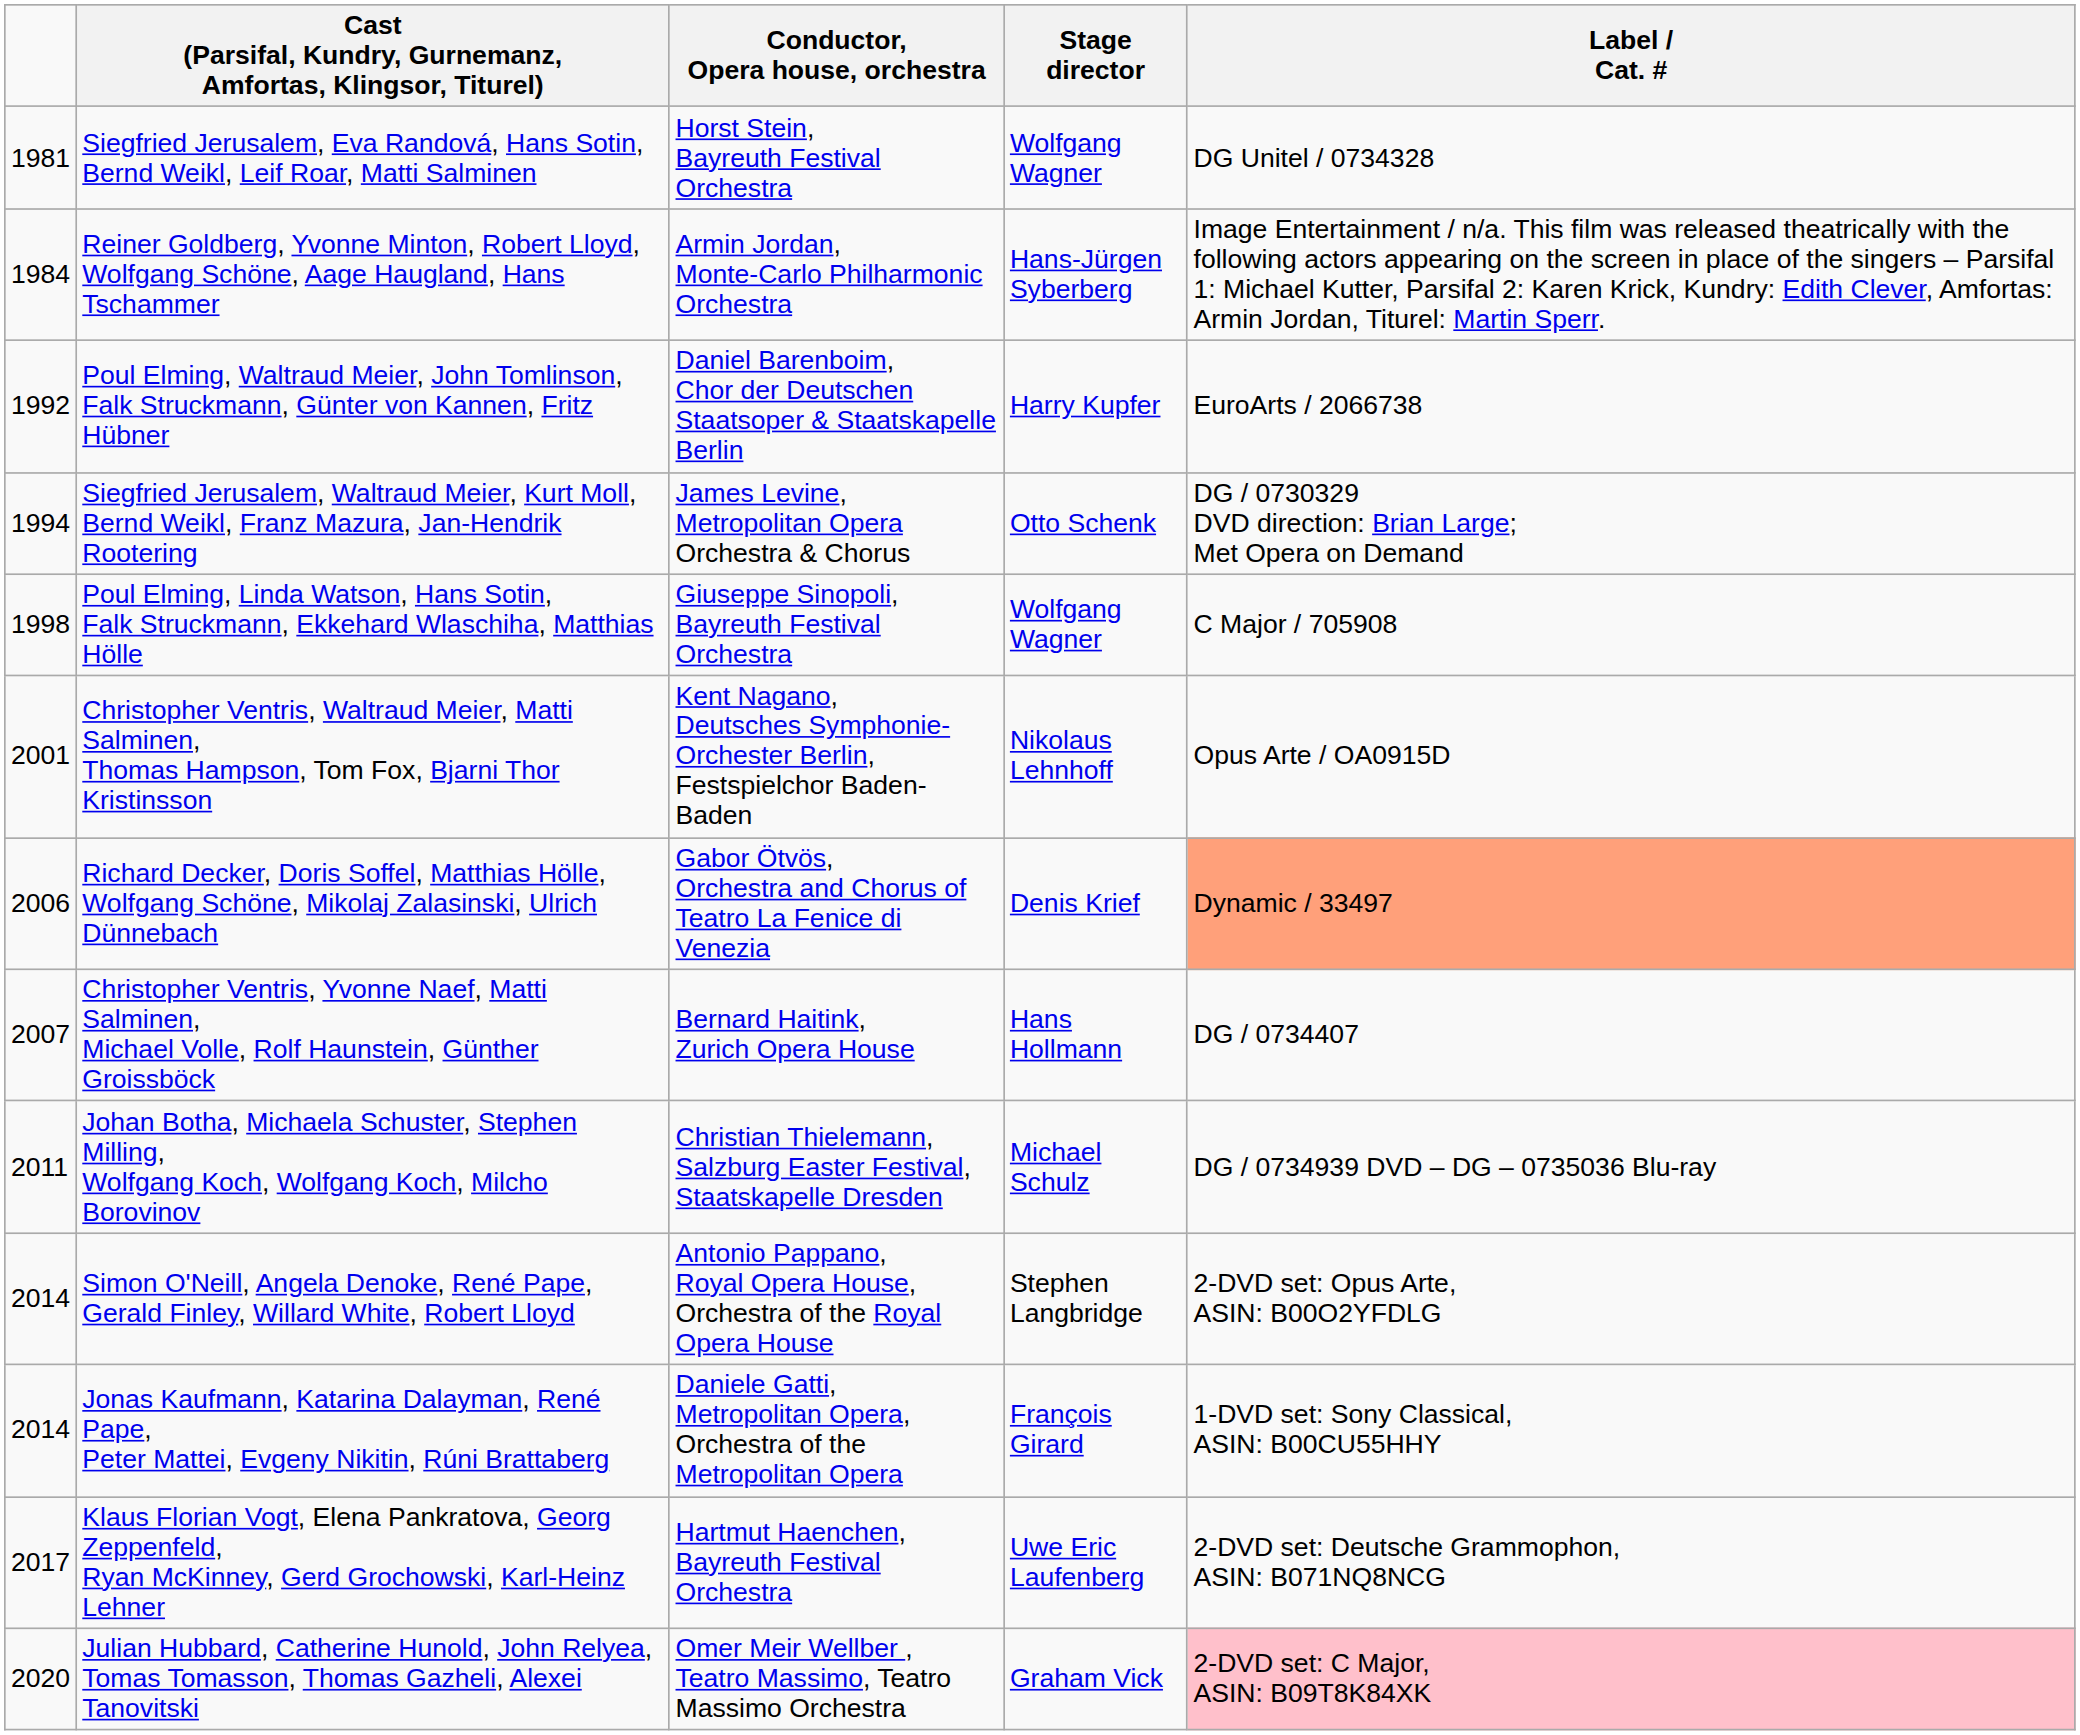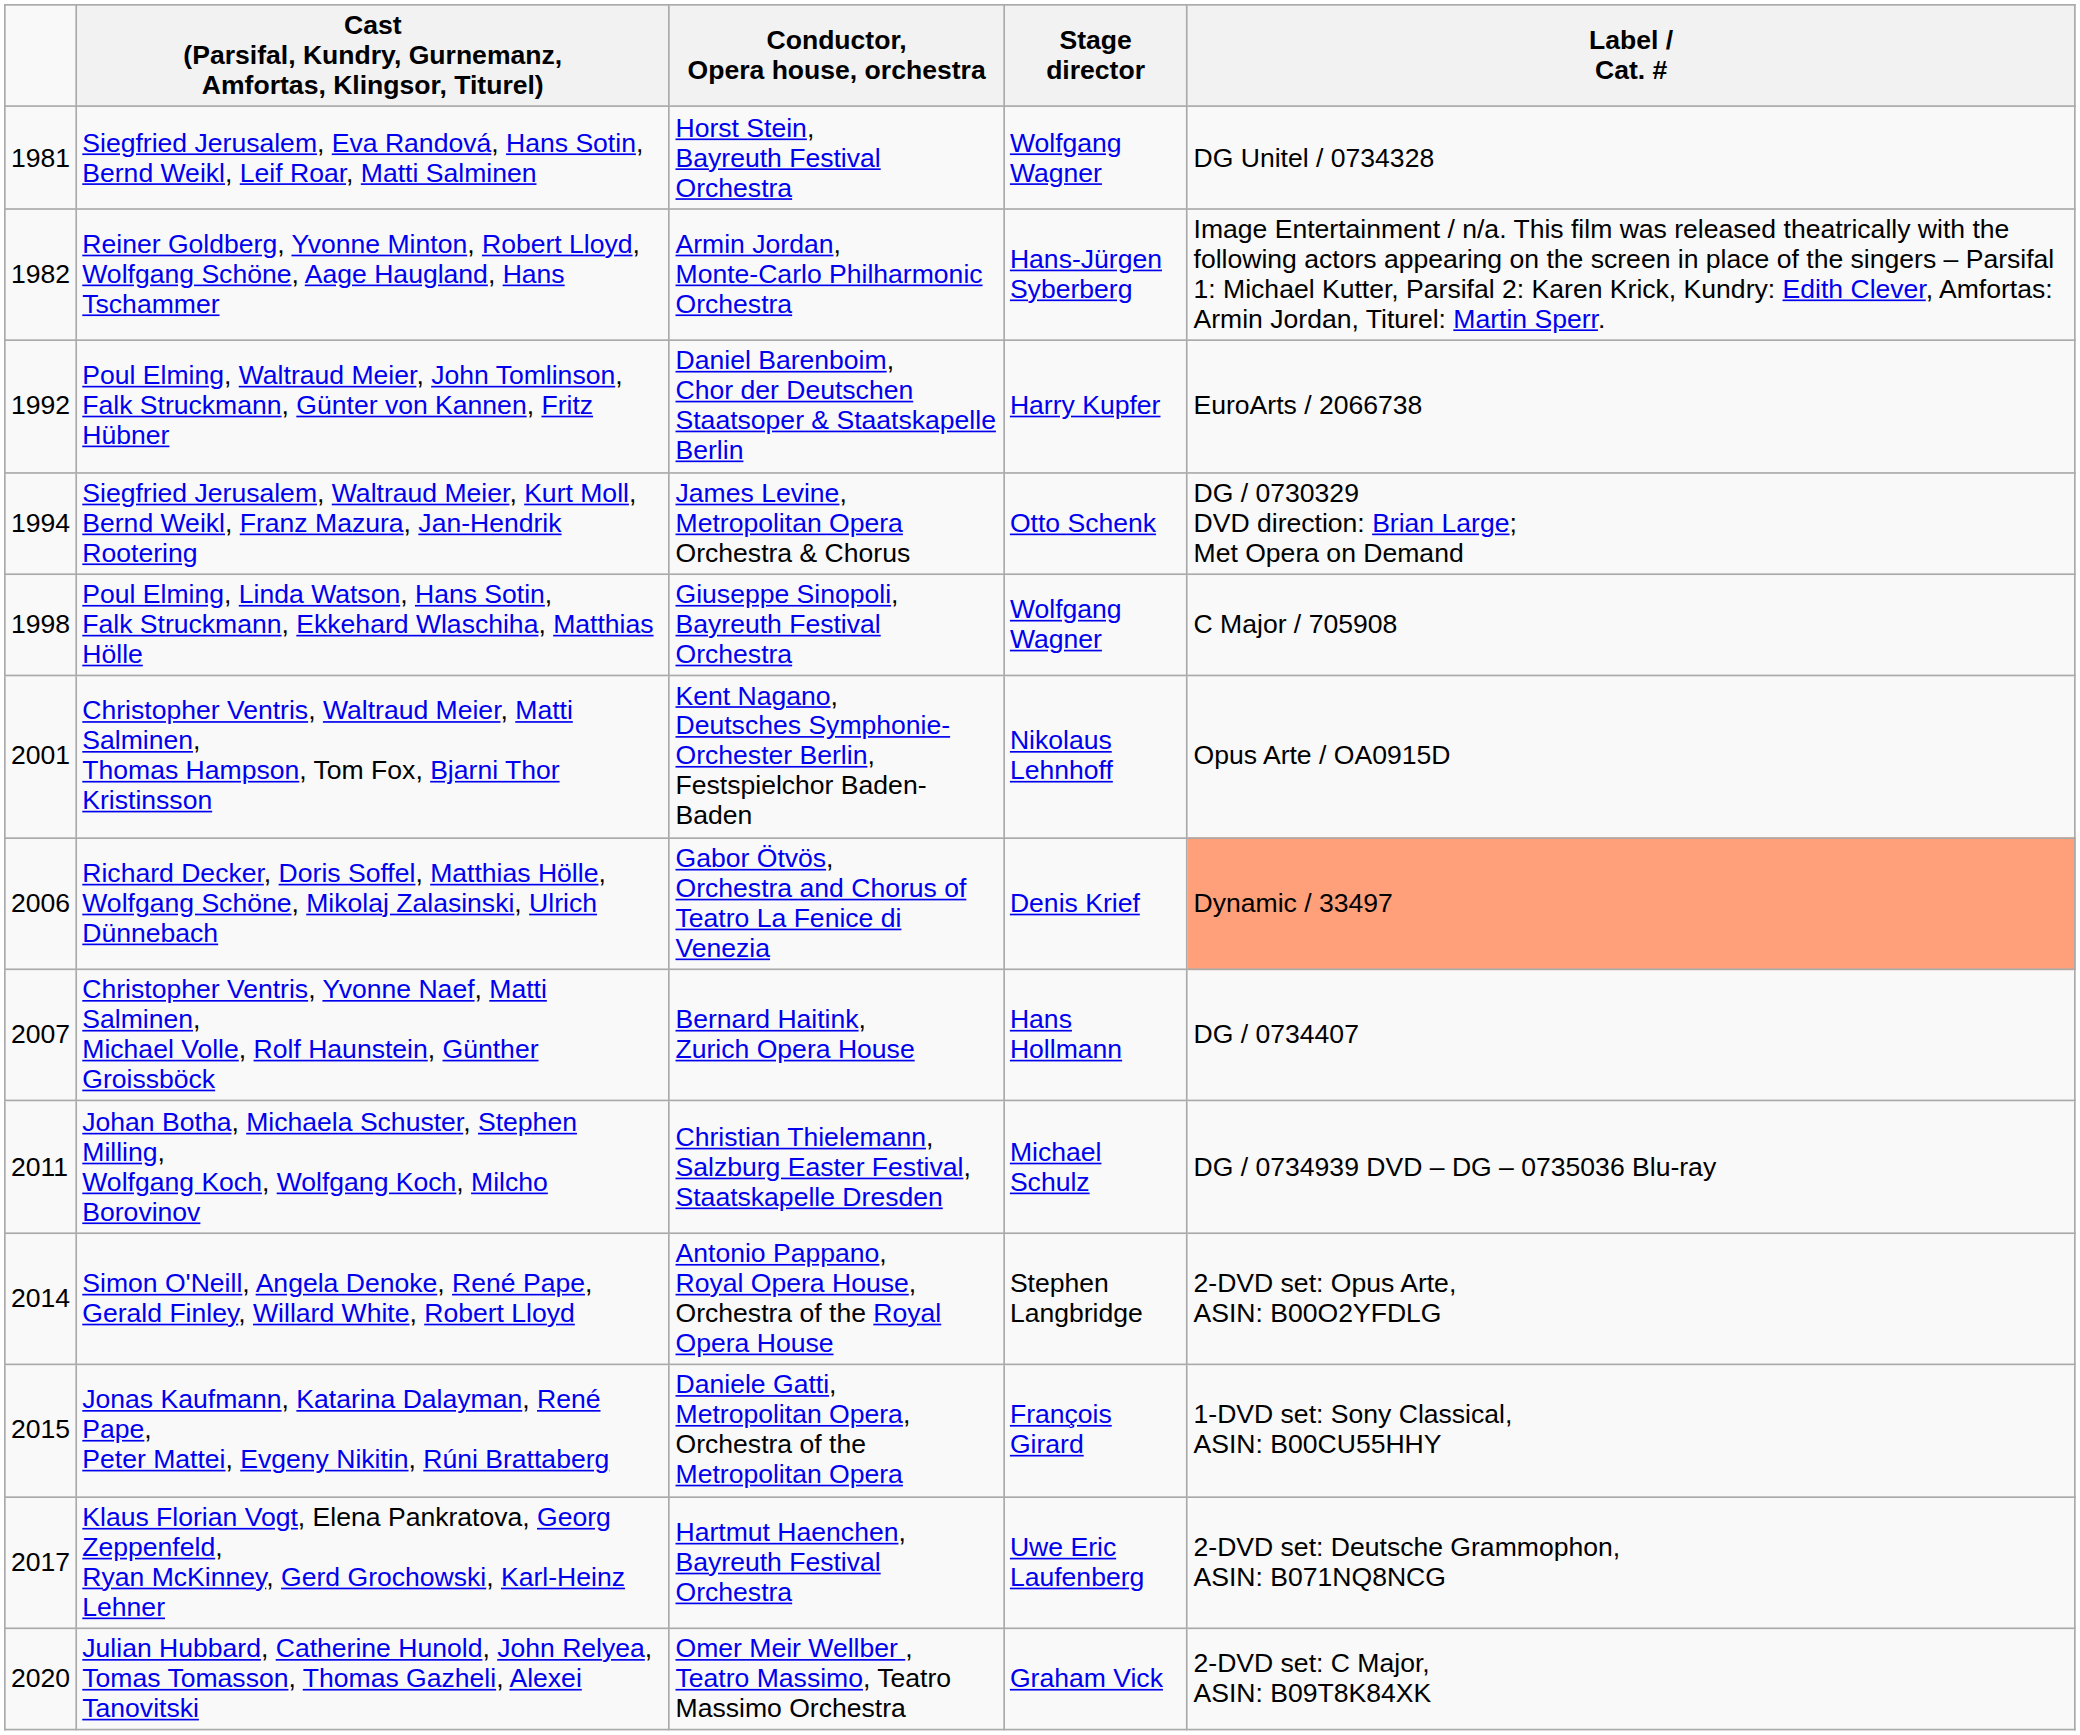 <table class="wikitable">
 <tr>
 <td></td>
 <th width="350px">Cast<br>(Parsifal, Kundry, Gurnemanz,<br>Amfortas, Klingsor, Titurel)</th>
 <th scope="col">Conductor,<br>Opera house, orchestra</th>
 <th scope="col">Stage director</th>
 <th scope="col">Label /<br>Cat. #</th>
 </tr>
 <tr>
 <td scope="row">1981</td>
 <td><a href='#'>Siegfried Jerusalem</a>, <a href='#'>Eva Randová</a>, <a href='#'>Hans Sotin</a>,<br><a href='#'>Bernd Weikl</a>, <a href='#'>Leif Roar</a>, <a href='#'>Matti Salminen</a></td>
 <td><a href='#'>Horst Stein</a>,<br><a href='#'>Bayreuth Festival Orchestra</a></td>
 <td><a href='#'>Wolfgang Wagner</a></td>
 <td>DG Unitel / 0734328</td>
 </tr>
 <tr>
-<td scope="row">1984</td>
+<td scope="row">1982</td>
 <td><a href='#'>Reiner Goldberg</a>, <a href='#'>Yvonne Minton</a>, <a href='#'>Robert Lloyd</a>,<br><a href='#'>Wolfgang Schöne</a>, <a href='#'>Aage Haugland</a>, <a href='#'>Hans Tschammer</a></td>
 <td><a href='#'>Armin Jordan</a>,<br><a href='#'>Monte-Carlo Philharmonic Orchestra</a></td>
 <td><a href='#'>Hans-Jürgen Syberberg</a></td>
 <td>Image Entertainment / n/a. This film was released theatrically with the following actors appearing on the screen in place of the singers – Parsifal 1: Michael Kutter, Parsifal 2: Karen Krick, Kundry: <a href='#'>Edith Clever</a>, Amfortas: Armin Jordan, Titurel: <a href='#'>Martin Sperr</a>.</td>
 </tr>
 <tr>
 <td scope="row">1992</td>
 <td><a href='#'>Poul Elming</a>, <a href='#'>Waltraud Meier</a>, <a href='#'>John Tomlinson</a>,<br><a href='#'>Falk Struckmann</a>, <a href='#'>Günter von Kannen</a>, <a href='#'>Fritz Hübner</a></td>
 <td><a href='#'>Daniel Barenboim</a>,<br><a href='#'>Chor der Deutschen Staatsoper & Staatskapelle Berlin</a></td>
 <td><a href='#'>Harry Kupfer</a></td>
 <td>EuroArts / 2066738</td>
 </tr>
 <tr>
 <td scope="row">1994</td>
 <td><a href='#'>Siegfried Jerusalem</a>, <a href='#'>Waltraud Meier</a>, <a href='#'>Kurt Moll</a>,<br><a href='#'>Bernd Weikl</a>, <a href='#'>Franz Mazura</a>, <a href='#'>Jan-Hendrik Rootering</a></td>
 <td><a href='#'>James Levine</a>,<br><a href='#'>Metropolitan Opera</a> Orchestra & Chorus</td>
 <td><a href='#'>Otto Schenk</a></td>
 <td>DG / 0730329<br>DVD direction: <a href='#'>Brian Large</a>;<br>Met Opera on Demand</td>
 </tr>
 <tr>
 <td scope="row">1998</td>
 <td><a href='#'>Poul Elming</a>, <a href='#'>Linda Watson</a>, <a href='#'>Hans Sotin</a>,<br><a href='#'>Falk Struckmann</a>, <a href='#'>Ekkehard Wlaschiha</a>, <a href='#'>Matthias Hölle</a></td>
 <td><a href='#'>Giuseppe Sinopoli</a>,<br><a href='#'>Bayreuth Festival Orchestra</a></td>
 <td><a href='#'>Wolfgang Wagner</a></td>
 <td>C Major / 705908</td>
 </tr>
 <tr>
 <td scope="row">2001</td>
 <td><a href='#'>Christopher Ventris</a>, <a href='#'>Waltraud Meier</a>, <a href='#'>Matti Salminen</a>,<br><a href='#'>Thomas Hampson</a>, Tom Fox, <a href='#'>Bjarni Thor Kristinsson</a></td>
 <td><a href='#'>Kent Nagano</a>,<br><a href='#'>Deutsches Symphonie-Orchester Berlin</a>, Festspielchor Baden-Baden</td>
 <td><a href='#'>Nikolaus Lehnhoff</a></td>
 <td>Opus Arte / OA0915D</td>
 </tr>
 <tr>
 <td scope="row">2006</td>
 <td><a href='#'>Richard Decker</a>, <a href='#'>Doris Soffel</a>, <a href='#'>Matthias Hölle</a>,<br><a href='#'>Wolfgang Schöne</a>, <a href='#'>Mikolaj Zalasinski</a>, <a href='#'>Ulrich Dünnebach</a></td>
 <td><a href='#'>Gabor Ötvös</a>,<br><a href='#'>Orchestra and Chorus of Teatro La Fenice di Venezia</a></td>
 <td><a href='#'>Denis Krief</a></td>
 <td style="background: lightsalmon;">Dynamic / 33497</td>
 </tr>
 <tr>
 <td scope="row">2007</td>
 <td><a href='#'>Christopher Ventris</a>, <a href='#'>Yvonne Naef</a>, <a href='#'>Matti Salminen</a>,<br><a href='#'>Michael Volle</a>, <a href='#'>Rolf Haunstein</a>, <a href='#'>Günther Groissböck</a></td>
 <td><a href='#'>Bernard Haitink</a>,<br><a href='#'>Zurich Opera House</a></td>
 <td><a href='#'>Hans Hollmann</a></td>
 <td>DG / 0734407</td>
 </tr>
 <tr>
 <td scope="row">2011</td>
 <td><a href='#'>Johan Botha</a>, <a href='#'>Michaela Schuster</a>, <a href='#'>Stephen Milling</a>,<br><a href='#'>Wolfgang Koch</a>, <a href='#'>Wolfgang Koch</a>, <a href='#'>Milcho Borovinov</a></td>
 <td><a href='#'>Christian Thielemann</a>,<br><a href='#'>Salzburg Easter Festival</a>, <a href='#'>Staatskapelle Dresden</a></td>
 <td><a href='#'>Michael Schulz</a></td>
 <td>DG / 0734939 DVD – DG – 0735036 Blu-ray</td>
 </tr>
 <tr>
 <td scope="row">2014</td>
 <td><a href='#'>Simon O'Neill</a>, <a href='#'>Angela Denoke</a>, <a href='#'>René Pape</a>,<br><a href='#'>Gerald Finley</a>, <a href='#'>Willard White</a>, <a href='#'>Robert Lloyd</a></td>
 <td><a href='#'>Antonio Pappano</a>,<br><a href='#'>Royal Opera House</a>, Orchestra of the <a href='#'>Royal Opera House</a></td>
 <td>Stephen Langbridge</td>
 <td>2-DVD set: Opus Arte,<br>ASIN: B00O2YFDLG</td>
 </tr>
 <tr>
-<td scope="row">2014</td>
+<td scope="row">2015</td>
 <td><a href='#'>Jonas Kaufmann</a>, <a href='#'>Katarina Dalayman</a>, <a href='#'>René Pape</a>,<br><a href='#'>Peter Mattei</a>, <a href='#'>Evgeny Nikitin</a>, <a href='#'>Rúni Brattaberg</a></td>
 <td><a href='#'>Daniele Gatti</a>,<br><a href='#'>Metropolitan Opera</a>, Orchestra of the <a href='#'>Metropolitan Opera</a></td>
 <td><a href='#'>François Girard</a></td>
 <td>1-DVD set: Sony Classical,<br>ASIN: B00CU55HHY</td>
 </tr>
 <tr>
 <td scope="row">2017</td>
 <td><a href='#'>Klaus Florian Vogt</a>, Elena Pankratova, <a href='#'>Georg Zeppenfeld</a>,<br><a href='#'>Ryan McKinney</a>, <a href='#'>Gerd Grochowski</a>, <a href='#'>Karl-Heinz Lehner</a></td>
 <td><a href='#'>Hartmut Haenchen</a>,<br><a href='#'>Bayreuth Festival Orchestra</a></td>
 <td><a href='#'>Uwe Eric Laufenberg</a></td>
 <td>2-DVD set: Deutsche Grammophon,<br>ASIN: B071NQ8NCG</td>
 </tr>
 <tr>
 <td scope="row">2020</td>
 <td><a href='#'>Julian Hubbard</a>, <a href='#'>Catherine Hunold</a>, <a href='#'>John Relyea</a>,<br><a href='#'>Tomas Tomasson</a>, <a href='#'>Thomas Gazheli</a>, <a href='#'>Alexei Tanovitski</a></td>
 <td><a href='#'>Omer Meir Wellber </a>,<br><a href='#'>Teatro Massimo</a>, Teatro Massimo Orchestra</td>
 <td><a href='#'>Graham Vick</a></td>
-<td style="background: pink;">2-DVD set: C Major,<br>ASIN: B09T8K84XK</td>
+<td>2-DVD set: C Major,<br>ASIN: B09T8K84XK</td>
 </tr>
 </table>
